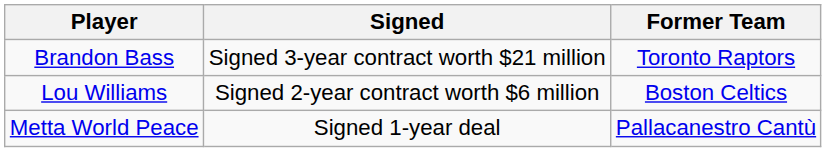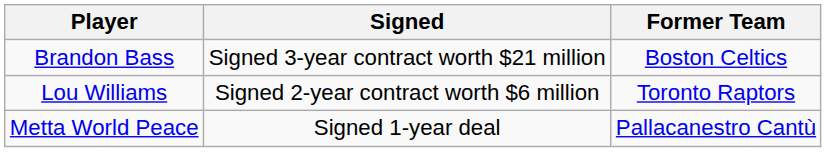 <table class="wikitable sortable sortable">
 <tr>
 <th>Player</th>
 <th>Signed</th>
 <th>Former Team</th>
 </tr>
 <tr style="text-align: center">
 <td><a href='#'>Brandon Bass</a></td>
 <td>Signed 3-year contract worth $21 million</td>
-<td><a href='#'>Toronto Raptors</a></td>
+<td><a href='#'>Boston Celtics</a></td>
 </tr>
 <tr style="text-align: center">
 <td><a href='#'>Lou Williams</a></td>
 <td>Signed 2-year contract worth $6 million</td>
-<td><a href='#'>Boston Celtics</a></td>
+<td><a href='#'>Toronto Raptors</a></td>
 </tr>
 <tr style="text-align: center">
 <td><a href='#'>Metta World Peace</a></td>
 <td>Signed 1-year deal</td>
 <td> <a href='#'>Pallacanestro Cantù</a></td>
 </tr>
 </table>
